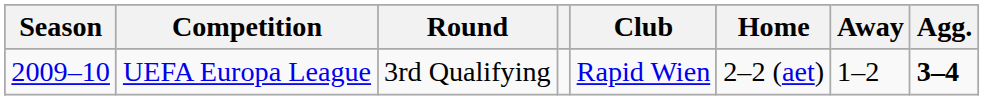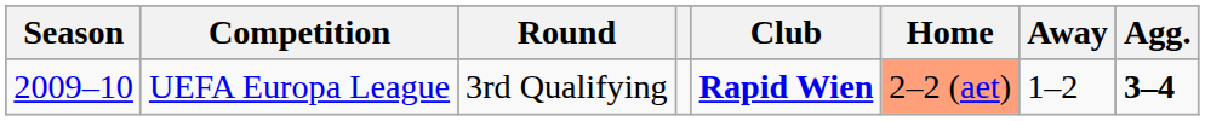 <table class="wikitable">
 <tr>
 <th>Season</th>
 <th>Competition</th>
 <th>Round</th>
 <th></th>
 <th>Club</th>
 <th>Home</th>
 <th>Away</th>
 <th>Agg.</th>
 </tr>
 <tr>
 <td rowspan=2><a href='#'>2009–10</a></td>
 <td rowspan=2><a href='#'>UEFA Europa League</a></td>
 <td>3rd Qualifying</td>
 <td></td>
-<td><a href='#'>Rapid Wien</a></td>
-<td>2–2 (<a href='#'>aet</a>)</td>
+<td><strong><a href='#'>Rapid Wien</a></strong></td>
+<td style="background: lightsalmon;">2–2 (<a href='#'>aet</a>)</td>
 <td>1–2</td>
 <td><strong>3–4</strong></td>
 </tr>
 </table>
